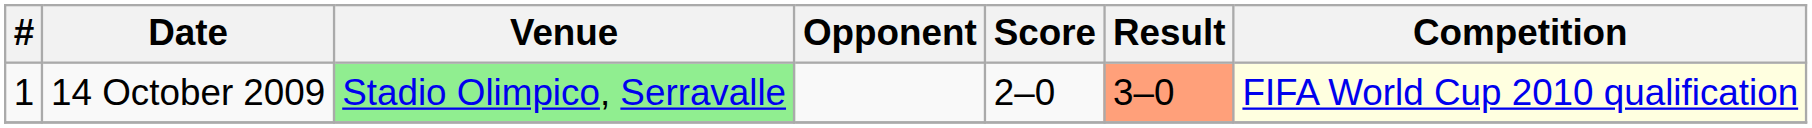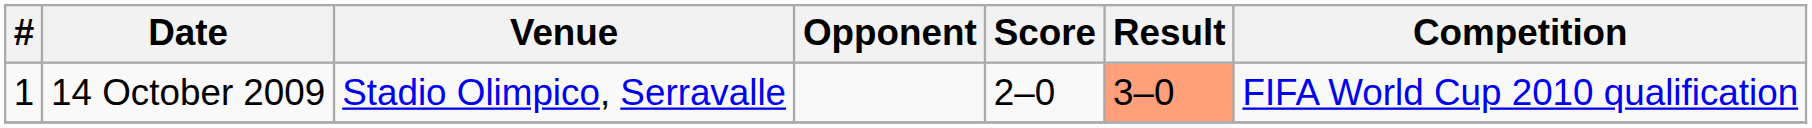 <table class="wikitable">
 <tr>
 <th>#</th>
 <th>Date</th>
 <th>Venue</th>
 <th>Opponent</th>
 <th>Score</th>
 <th>Result</th>
 <th>Competition</th>
 </tr>
 <tr>
 <td>1</td>
 <td>14 October 2009</td>
-<td style="background: lightgreen;"><a href='#'>Stadio Olimpico</a>, <a href='#'>Serravalle</a></td>
+<td><a href='#'>Stadio Olimpico</a>, <a href='#'>Serravalle</a></td>
 <td></td>
 <td>2–0</td>
 <td style="background: lightsalmon;">3–0</td>
-<td style="background: lightyellow;"><a href='#'>FIFA World Cup 2010 qualification</a></td>
+<td><a href='#'>FIFA World Cup 2010 qualification</a></td>
 </tr>
 <tr>
 </tr>
 </table>
